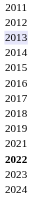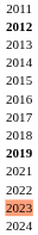 <table>
 <tr>
 <td align="center">2011</td>
 <td></td>
 <td></td>
 <td></td>
 </tr>
 <tr>
-<td align="center">2012</td>
+<td align="center"><strong>2012</strong></td>
 <td></td>
 <td></td>
 <td><br></td>
 </tr>
 <tr>
-<td align="center" style="background: lavender;">2013</td>
+<td align="center">2013</td>
 <td></td>
 <td></td>
 <td></td>
 </tr>
 <tr>
 <td align="center">2014</td>
 <td></td>
 <td></td>
 <td></td>
 </tr>
 <tr>
 <td align="center">2015</td>
 <td></td>
 <td></td>
 <td><br></td>
 </tr>
 <tr>
 <td align="center">2016</td>
 <td></td>
 <td></td>
 <td><br></td>
 </tr>
 <tr>
 <td align="center">2017</td>
 <td></td>
 <td></td>
 <td></td>
 </tr>
 <tr>
 <td align="center">2018</td>
 <td></td>
 <td></td>
 <td></td>
 </tr>
 <tr>
-<td align="center">2019</td>
+<td align="center"><strong>2019</strong></td>
 <td></td>
 <td></td>
 <td></td>
 </tr>
 <tr>
 <td align="center">2021</td>
 <td></td>
 <td></td>
 <td></td>
 </tr>
 <tr>
-<td align="center"><strong>2022</strong></td>
+<td align="center">2022</td>
 <td></td>
 <td></td>
 <td></td>
 </tr>
 <tr>
-<td align="center">2023</td>
+<td align="center" style="background: lightsalmon;">2023</td>
 <td></td>
 <td></td>
 <td></td>
 </tr>
 <tr>
 <td align="center">2024</td>
 <td></td>
 <td></td>
 <td></td>
 </tr>
 </table>
